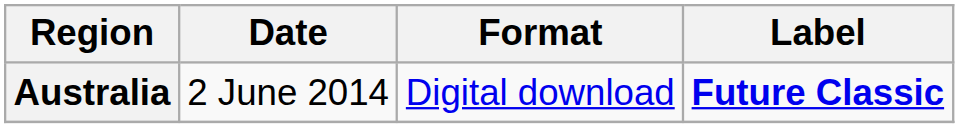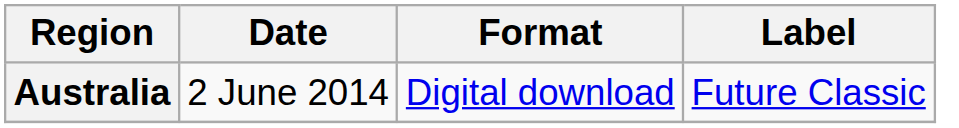 <table class="wikitable plainrowheaders">
 <tr>
 <th>Region</th>
 <th>Date</th>
 <th>Format</th>
 <th>Label</th>
 </tr>
 <tr>
 <th scope="row">Australia</th>
 <td>2 June 2014</td>
 <td><a href='#'>Digital download</a></td>
-<td><strong><a href='#'>Future Classic</a></strong></td>
+<td><a href='#'>Future Classic</a></td>
 </tr>
 <tr>
 </tr>
 </table>
